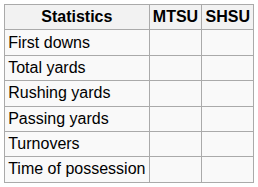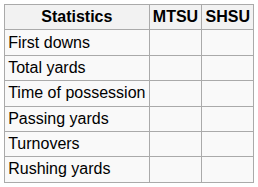 <table class="wikitable" style="float: left;">
 <tr>
 <th>Statistics</th>
 <th>MTSU</th>
 <th>SHSU</th>
 </tr>
 <tr>
 <td>First downs</td>
 <td></td>
 <td></td>
 </tr>
 <tr>
 <td>Total yards</td>
 <td></td>
 <td></td>
 </tr>
 <tr>
-<td>Rushing yards</td>
+<td>Time of possession</td>
 <td></td>
 <td></td>
 </tr>
 <tr>
 <td>Passing yards</td>
 <td></td>
 <td></td>
 </tr>
 <tr>
 <td>Turnovers</td>
 <td></td>
 <td></td>
 </tr>
 <tr>
-<td>Time of possession</td>
+<td>Rushing yards</td>
 <td></td>
 <td></td>
 </tr>
 <tr>
 </tr>
 </table>
